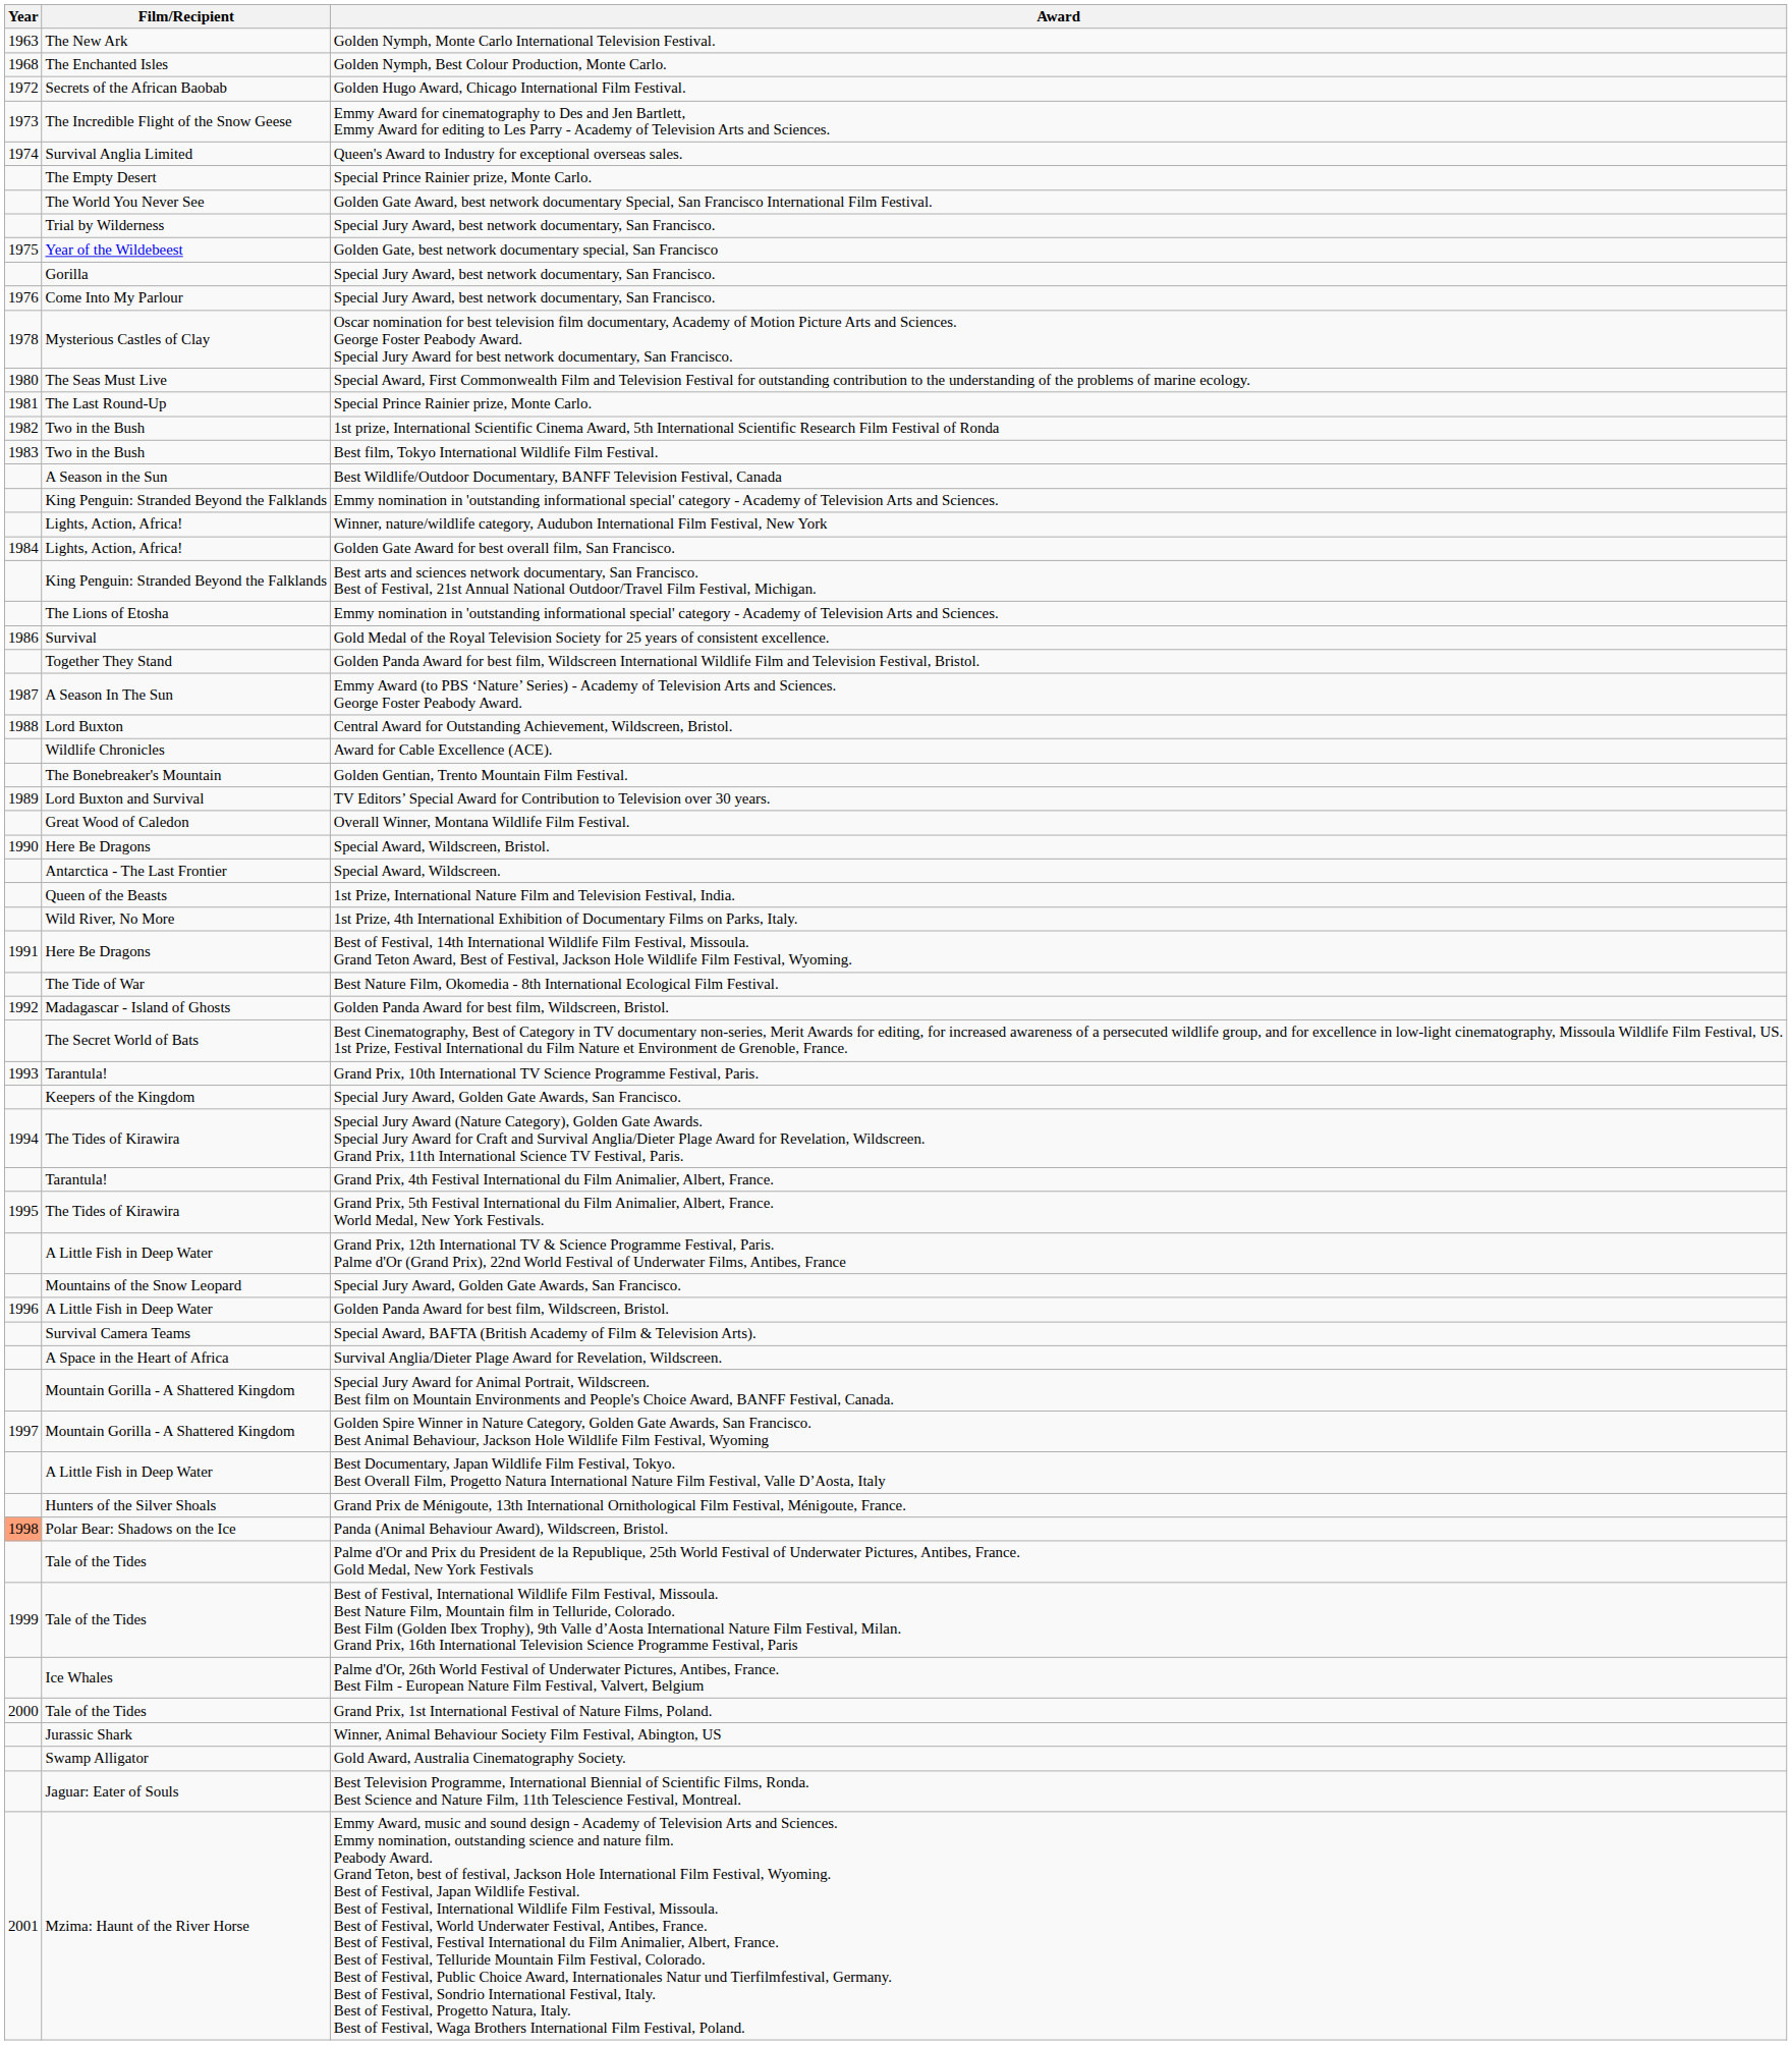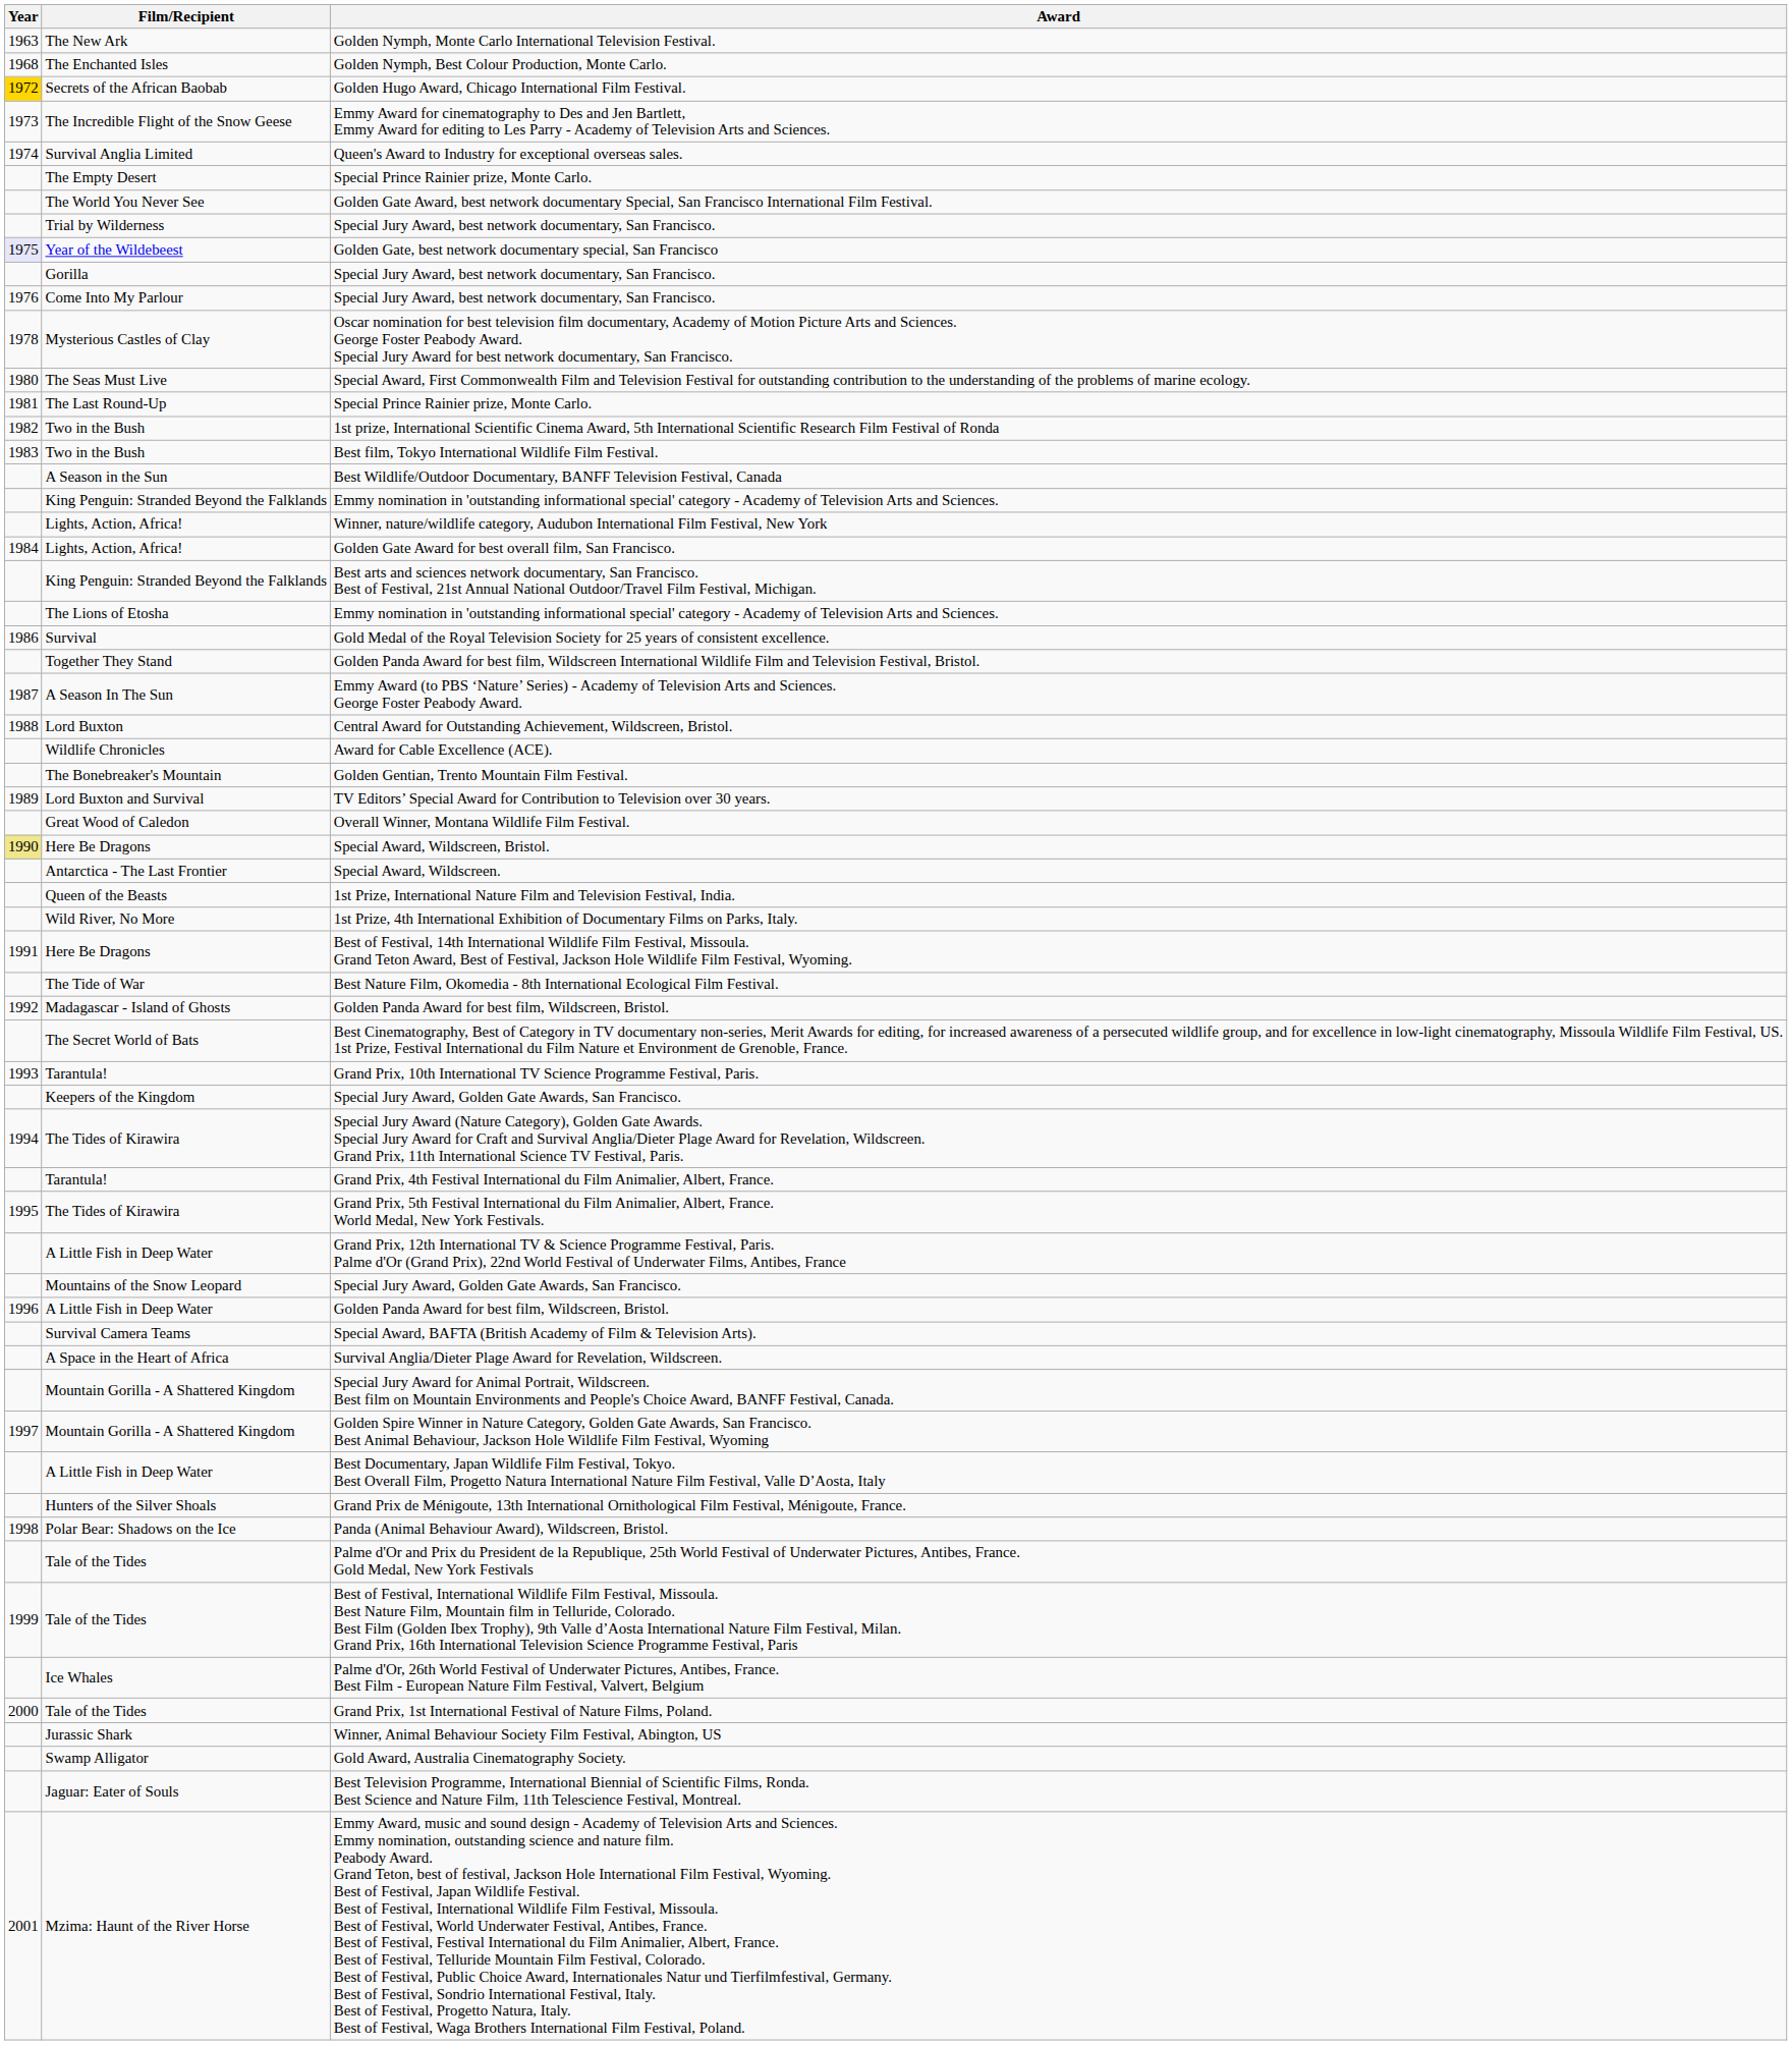 <table class="wikitable">
 <tr>
 <th>Year</th>
 <th>Film/Recipient</th>
 <th>Award</th>
 </tr>
 <tr>
 <td>1963</td>
 <td>The New Ark</td>
 <td>Golden Nymph, Monte Carlo International Television Festival.</td>
 </tr>
 <tr>
 <td>1968</td>
 <td>The Enchanted Isles</td>
 <td>Golden Nymph, Best Colour Production, Monte Carlo.</td>
 </tr>
 <tr>
-<td>1972</td>
+<td style="background: gold;">1972</td>
 <td>Secrets of the African Baobab</td>
 <td>Golden Hugo Award, Chicago International Film Festival.</td>
 </tr>
 <tr>
 <td>1973</td>
 <td>The Incredible Flight of the Snow Geese</td>
 <td>Emmy Award for cinematography to Des and Jen Bartlett,<br>Emmy Award for editing to Les Parry - Academy of Television Arts and Sciences.</td>
 </tr>
 <tr>
 <td>1974</td>
 <td>Survival Anglia Limited</td>
 <td>Queen's Award to Industry for exceptional overseas sales.</td>
 </tr>
 <tr>
 <td></td>
 <td>The Empty Desert</td>
 <td>Special Prince Rainier prize, Monte Carlo.</td>
 </tr>
 <tr>
 <td></td>
 <td>The World You Never See</td>
 <td>Golden Gate Award, best network documentary Special, San Francisco International Film Festival.</td>
 </tr>
 <tr>
 <td></td>
 <td>Trial by Wilderness</td>
 <td>Special Jury Award, best network documentary, San Francisco.</td>
 </tr>
 <tr>
-<td>1975</td>
+<td style="background: lavender;">1975</td>
 <td><a href='#'>Year of the Wildebeest</a></td>
 <td>Golden Gate, best network documentary special, San Francisco</td>
 </tr>
 <tr>
 <td></td>
 <td>Gorilla</td>
 <td>Special Jury Award, best network documentary, San Francisco.</td>
 </tr>
 <tr>
 <td>1976</td>
 <td>Come Into My Parlour</td>
 <td>Special Jury Award, best network documentary, San Francisco.</td>
 </tr>
 <tr>
 <td>1978</td>
 <td>Mysterious Castles of Clay</td>
 <td>Oscar nomination for best television film documentary, Academy of Motion Picture Arts and Sciences.<br>George Foster Peabody Award.<br>Special Jury Award for best network documentary, San Francisco.</td>
 </tr>
 <tr>
 <td>1980</td>
 <td>The Seas Must Live</td>
 <td>Special Award, First Commonwealth Film and Television Festival for outstanding contribution to the understanding of the problems of marine ecology.</td>
 </tr>
 <tr>
 <td>1981</td>
 <td>The Last Round-Up</td>
 <td>Special Prince Rainier prize, Monte Carlo.</td>
 </tr>
 <tr>
 <td>1982</td>
 <td>Two in the Bush</td>
 <td>1st prize, International Scientific Cinema Award, 5th International Scientific Research Film Festival of Ronda</td>
 </tr>
 <tr>
 <td>1983</td>
 <td>Two in the Bush</td>
 <td>Best film, Tokyo International Wildlife Film Festival.</td>
 </tr>
 <tr>
 <td></td>
 <td>A Season in the Sun</td>
 <td>Best Wildlife/Outdoor Documentary, BANFF Television Festival, Canada</td>
 </tr>
 <tr>
 <td></td>
 <td>King Penguin: Stranded Beyond the Falklands</td>
 <td>Emmy nomination in 'outstanding informational special' category - Academy of Television Arts and Sciences.</td>
 </tr>
 <tr>
 <td></td>
 <td>Lights, Action, Africa!</td>
 <td>Winner, nature/wildlife category, Audubon International Film Festival, New York</td>
 </tr>
 <tr>
 <td>1984</td>
 <td>Lights, Action, Africa!</td>
 <td>Golden Gate Award for best overall film, San Francisco.</td>
 </tr>
 <tr>
 <td></td>
 <td>King Penguin: Stranded Beyond the Falklands</td>
 <td>Best arts and sciences network documentary, San Francisco.<br>Best of Festival, 21st Annual National Outdoor/Travel Film Festival, Michigan.</td>
 </tr>
 <tr>
 <td></td>
 <td>The Lions of Etosha</td>
 <td>Emmy nomination in 'outstanding informational special' category - Academy of Television Arts and Sciences.</td>
 </tr>
 <tr>
 <td>1986</td>
 <td>Survival</td>
 <td>Gold Medal of the Royal Television Society for 25 years of consistent excellence.</td>
 </tr>
 <tr>
 <td></td>
 <td>Together They Stand</td>
 <td>Golden Panda Award for best film, Wildscreen International Wildlife Film and Television Festival, Bristol.</td>
 </tr>
 <tr>
 <td>1987</td>
 <td>A Season In The Sun</td>
 <td>Emmy Award (to PBS ‘Nature’ Series) - Academy of Television Arts and Sciences.<br>George Foster Peabody Award.</td>
 </tr>
 <tr>
 <td>1988</td>
 <td>Lord Buxton</td>
 <td>Central Award for Outstanding Achievement, Wildscreen, Bristol.</td>
 </tr>
 <tr>
 <td></td>
 <td>Wildlife Chronicles</td>
 <td>Award for Cable Excellence (ACE).</td>
 </tr>
 <tr>
 <td></td>
 <td>The Bonebreaker's Mountain</td>
 <td>Golden Gentian, Trento Mountain Film Festival.</td>
 </tr>
 <tr>
 <td>1989</td>
 <td>Lord Buxton and Survival</td>
 <td>TV Editors’ Special Award for Contribution to Television over 30 years.</td>
 </tr>
 <tr>
 <td></td>
 <td>Great Wood of Caledon</td>
 <td>Overall Winner, Montana Wildlife Film Festival.</td>
 </tr>
 <tr>
-<td>1990</td>
+<td style="background: khaki;">1990</td>
 <td>Here Be Dragons</td>
 <td>Special Award, Wildscreen, Bristol.</td>
 </tr>
 <tr>
 <td></td>
 <td>Antarctica - The Last Frontier</td>
 <td>Special Award, Wildscreen.</td>
 </tr>
 <tr>
 <td></td>
 <td>Queen of the Beasts</td>
 <td>1st Prize, International Nature Film and Television Festival, India.</td>
 </tr>
 <tr>
 <td></td>
 <td>Wild River, No More</td>
 <td>1st Prize, 4th International Exhibition of Documentary Films on Parks, Italy.</td>
 </tr>
 <tr>
 <td>1991</td>
 <td>Here Be Dragons</td>
 <td>Best of Festival, 14th International Wildlife Film Festival, Missoula.<br>Grand Teton Award, Best of Festival, Jackson Hole Wildlife Film Festival, Wyoming.</td>
 </tr>
 <tr>
 <td></td>
 <td>The Tide of War</td>
 <td>Best Nature Film, Okomedia - 8th International Ecological Film Festival.</td>
 </tr>
 <tr>
 <td>1992</td>
 <td>Madagascar - Island of Ghosts</td>
 <td>Golden Panda Award for best film, Wildscreen, Bristol.</td>
 </tr>
 <tr>
 <td></td>
 <td>The Secret World of Bats</td>
 <td>Best Cinematography, Best of Category in TV documentary non-series, Merit Awards for editing, for increased awareness of a persecuted wildlife group, and for excellence in low-light cinematography, Missoula Wildlife Film Festival, US.<br>1st Prize, Festival International du Film Nature et Environment de Grenoble, France.</td>
 </tr>
 <tr>
 <td>1993</td>
 <td>Tarantula!</td>
 <td>Grand Prix, 10th International TV Science Programme Festival, Paris.</td>
 </tr>
 <tr>
 <td></td>
 <td>Keepers of the Kingdom</td>
 <td>Special Jury Award, Golden Gate Awards, San Francisco.</td>
 </tr>
 <tr>
 <td>1994</td>
 <td>The Tides of Kirawira</td>
 <td>Special Jury Award (Nature Category), Golden Gate Awards.<br>Special Jury Award for Craft and Survival Anglia/Dieter Plage Award for Revelation, Wildscreen.<br>Grand Prix, 11th International Science TV Festival, Paris.</td>
 </tr>
 <tr>
 <td></td>
 <td>Tarantula!</td>
 <td>Grand Prix, 4th Festival International du Film Animalier, Albert, France.</td>
 </tr>
 <tr>
 <td>1995</td>
 <td>The Tides of Kirawira</td>
 <td>Grand Prix, 5th Festival International du Film Animalier, Albert, France.<br>World Medal, New York Festivals.</td>
 </tr>
 <tr>
 <td></td>
 <td>A Little Fish in Deep Water</td>
 <td>Grand Prix, 12th International TV & Science Programme Festival, Paris.<br>Palme d'Or (Grand Prix), 22nd World Festival of Underwater Films, Antibes, France</td>
 </tr>
 <tr>
 <td></td>
 <td>Mountains of the Snow Leopard</td>
 <td>Special Jury Award, Golden Gate Awards, San Francisco.</td>
 </tr>
 <tr>
 <td>1996</td>
 <td>A Little Fish in Deep Water</td>
 <td>Golden Panda Award for best film, Wildscreen, Bristol.</td>
 </tr>
 <tr>
 <td></td>
 <td>Survival Camera Teams</td>
 <td>Special Award, BAFTA (British Academy of Film & Television Arts).</td>
 </tr>
 <tr>
 <td></td>
 <td>A Space in the Heart of Africa</td>
 <td>Survival Anglia/Dieter Plage Award for Revelation, Wildscreen.</td>
 </tr>
 <tr>
 <td></td>
 <td>Mountain Gorilla - A Shattered Kingdom</td>
 <td>Special Jury Award for Animal Portrait, Wildscreen.<br>Best film on Mountain Environments and People's Choice Award, BANFF Festival, Canada.</td>
 </tr>
 <tr>
 <td>1997</td>
 <td>Mountain Gorilla - A Shattered Kingdom</td>
 <td>Golden Spire Winner in Nature Category, Golden Gate Awards, San Francisco.<br>Best Animal Behaviour, Jackson Hole Wildlife Film Festival, Wyoming</td>
 </tr>
 <tr>
 <td></td>
 <td>A Little Fish in Deep Water</td>
 <td>Best Documentary, Japan Wildlife Film Festival, Tokyo.<br>Best Overall Film, Progetto Natura International Nature Film Festival, Valle D’Aosta, Italy</td>
 </tr>
 <tr>
 <td></td>
 <td>Hunters of the Silver Shoals</td>
 <td>Grand Prix de Ménigoute, 13th International Ornithological Film Festival, Ménigoute, France.</td>
 </tr>
 <tr>
-<td style="background: lightsalmon;">1998</td>
+<td>1998</td>
 <td>Polar Bear: Shadows on the Ice</td>
 <td>Panda (Animal Behaviour Award), Wildscreen, Bristol.</td>
 </tr>
 <tr>
 <td></td>
 <td>Tale of the Tides</td>
 <td>Palme d'Or and Prix du President de la Republique, 25th World Festival of Underwater Pictures, Antibes, France.<br>Gold Medal, New York Festivals</td>
 </tr>
 <tr>
 <td>1999</td>
 <td>Tale of the Tides</td>
 <td>Best of Festival, International Wildlife Film Festival, Missoula.<br>Best Nature Film, Mountain film in Telluride, Colorado.<br>Best Film (Golden Ibex Trophy), 9th Valle d’Aosta International Nature Film Festival, Milan.<br>Grand Prix, 16th International Television Science Programme Festival, Paris</td>
 </tr>
 <tr>
 <td></td>
 <td>Ice Whales</td>
 <td>Palme d'Or, 26th World Festival of Underwater Pictures, Antibes, France.<br>Best Film - European Nature Film Festival, Valvert, Belgium</td>
 </tr>
 <tr>
 <td>2000</td>
 <td>Tale of the Tides</td>
 <td>Grand Prix, 1st International Festival of Nature Films, Poland.</td>
 </tr>
 <tr>
 <td></td>
 <td>Jurassic Shark</td>
 <td>Winner, Animal Behaviour Society Film Festival, Abington, US</td>
 </tr>
 <tr>
 <td></td>
 <td>Swamp Alligator</td>
 <td>Gold Award, Australia Cinematography Society.</td>
 </tr>
 <tr>
 <td></td>
 <td>Jaguar: Eater of Souls</td>
 <td>Best Television Programme, International Biennial of Scientific Films, Ronda.<br>Best Science and Nature Film, 11th Telescience Festival, Montreal.</td>
 </tr>
 <tr>
 <td>2001</td>
 <td>Mzima: Haunt of the River Horse</td>
 <td>Emmy Award, music and sound design - Academy of Television Arts and Sciences.<br>Emmy nomination, outstanding science and nature film.<br>Peabody Award.<br>Grand Teton, best of festival, Jackson Hole International Film Festival, Wyoming.<br>Best of Festival, Japan Wildlife Festival.<br>Best of Festival, International Wildlife Film Festival, Missoula.<br>Best of Festival, World Underwater Festival, Antibes, France.<br>Best of Festival, Festival International du Film Animalier, Albert, France.<br>Best of Festival, Telluride Mountain Film Festival, Colorado.<br>Best of Festival, Public Choice Award, Internationales Natur und Tierfilmfestival, Germany.<br>Best of Festival, Sondrio International Festival, Italy.<br>Best of Festival, Progetto Natura, Italy.<br>Best of Festival, Waga Brothers International Film Festival, Poland.</td>
 </tr>
 </table>
